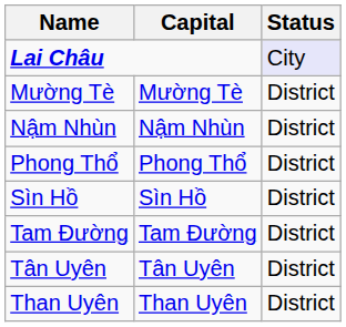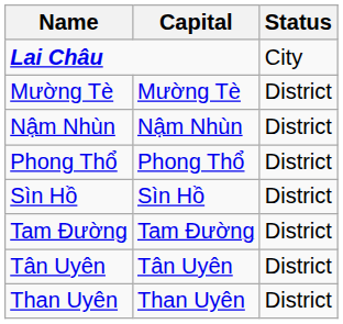 <table class="wikitable sortable">
 <tr>
 <th>Name</th>
 <th>Capital</th>
 <th>Status</th>
 </tr>
 <tr>
 <td colspan="2"><strong><em><a href='#'>Lai Châu</a></em></strong></td>
-<td style="background: lavender;">City</td>
+<td>City</td>
 </tr>
 <tr>
 <td><a href='#'>Mường Tè</a></td>
 <td><a href='#'>Mường Tè</a></td>
 <td>District</td>
 </tr>
 <tr>
 <td><a href='#'>Nậm Nhùn</a></td>
 <td><a href='#'>Nậm Nhùn</a></td>
 <td>District</td>
 </tr>
 <tr>
 <td><a href='#'>Phong Thổ</a></td>
 <td><a href='#'>Phong Thổ</a></td>
 <td>District</td>
 </tr>
 <tr>
 <td><a href='#'>Sìn Hồ</a></td>
 <td><a href='#'>Sìn Hồ</a></td>
 <td>District</td>
 </tr>
 <tr>
 <td><a href='#'>Tam Đường</a></td>
 <td><a href='#'>Tam Đường</a></td>
 <td>District</td>
 </tr>
 <tr>
 <td><a href='#'>Tân Uyên</a></td>
 <td><a href='#'>Tân Uyên</a></td>
 <td>District</td>
 </tr>
 <tr>
 <td><a href='#'>Than Uyên</a></td>
 <td><a href='#'>Than Uyên</a></td>
 <td>District</td>
 </tr>
 </table>
